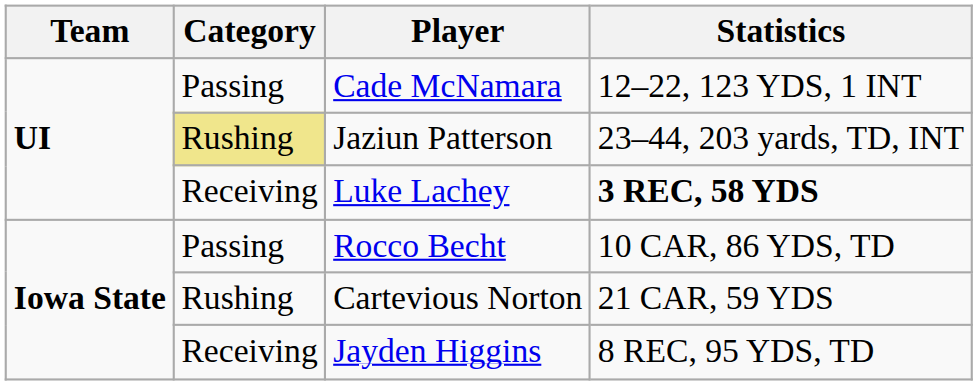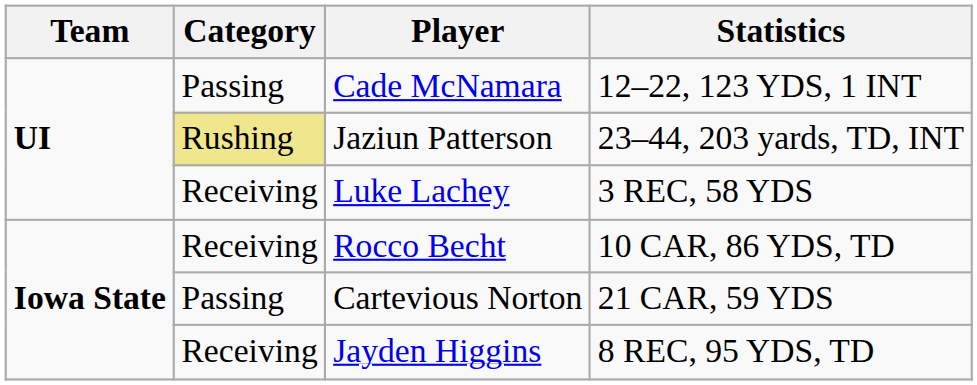 <table class="wikitable" style="float: right;">
 <tr>
 <th>Team</th>
 <th>Category</th>
 <th>Player</th>
 <th>Statistics</th>
 </tr>
 <tr>
 <td rowspan=3><strong>UI</strong></td>
 <td>Passing</td>
 <td><a href='#'>Cade McNamara</a></td>
 <td>12–22, 123 YDS, 1 INT</td>
 </tr>
 <tr>
 <td style="background: khaki;">Rushing</td>
 <td>Jaziun Patterson</td>
 <td>23–44, 203 yards, TD, INT</td>
 </tr>
 <tr>
 <td>Receiving</td>
 <td><a href='#'>Luke Lachey</a></td>
-<td><strong>3 REC, 58 YDS</strong></td>
+<td>3 REC, 58 YDS</td>
 </tr>
 <tr>
 <td rowspan=3><strong>Iowa State</strong></td>
-<td>Passing</td>
+<td>Receiving</td>
 <td><a href='#'>Rocco Becht</a></td>
 <td>10 CAR, 86 YDS, TD</td>
 </tr>
 <tr>
-<td>Rushing</td>
+<td>Passing</td>
 <td>Cartevious Norton</td>
 <td>21 CAR, 59 YDS</td>
 </tr>
 <tr>
 <td>Receiving</td>
 <td><a href='#'>Jayden Higgins</a></td>
 <td>8 REC, 95 YDS, TD</td>
 </tr>
 </table>
